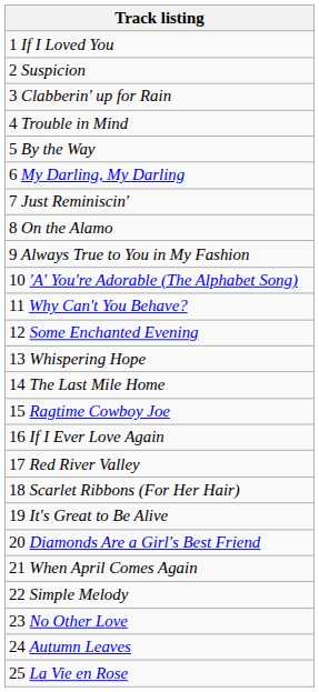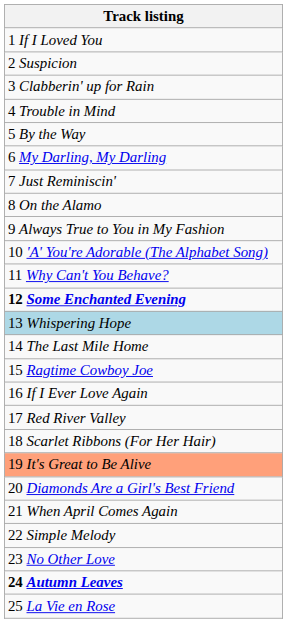 <table class="wikitable collapsible collapsed" style="width:300px;">
 <tr>
 <th>Track listing</th>
 </tr>
 <tr>
 <td>1 <em>If I Loved You</em></td>
 </tr>
 <tr>
 <td>2 <em>Suspicion</em></td>
 </tr>
 <tr>
 <td>3 <em>Clabberin' up for Rain</em></td>
 </tr>
 <tr>
 <td>4 <em>Trouble in Mind</em></td>
 </tr>
 <tr>
 <td>5 <em>By the Way</em></td>
 </tr>
 <tr>
 <td>6 <em><a href='#'>My Darling, My Darling</a></em></td>
 </tr>
 <tr>
 <td>7 <em>Just Reminiscin' </em></td>
 </tr>
 <tr>
 <td>8 <em>On the Alamo</em></td>
 </tr>
 <tr>
 <td>9 <em>Always True to You in My Fashion</em></td>
 </tr>
 <tr>
 <td>10 <em><a href='#'>'A' You're Adorable (The Alphabet Song)</a></em></td>
 </tr>
 <tr>
 <td>11 <em><a href='#'>Why Can't You Behave?</a></em></td>
 </tr>
 <tr>
-<td>12 <em><a href='#'>Some Enchanted Evening</a></em></td>
+<td><strong>12 <em><a href='#'>Some Enchanted Evening</a></em></strong></td>
 </tr>
 <tr>
-<td>13 <em>Whispering Hope</em></td>
+<td style="background: lightblue;">13 <em>Whispering Hope</em></td>
 </tr>
 <tr>
 <td>14 <em>The Last Mile Home</em></td>
 </tr>
 <tr>
 <td>15 <em><a href='#'>Ragtime Cowboy Joe</a></em></td>
 </tr>
 <tr>
 <td>16 <em>If I Ever Love Again</em></td>
 </tr>
 <tr>
 <td>17 <em>Red River Valley</em></td>
 </tr>
 <tr>
 <td>18 <em>Scarlet Ribbons (For Her Hair)</em></td>
 </tr>
 <tr>
-<td>19 <em>It's Great to Be Alive</em></td>
+<td style="background: lightsalmon;">19 <em>It's Great to Be Alive</em></td>
 </tr>
 <tr>
 <td>20 <em><a href='#'>Diamonds Are a Girl's Best Friend</a></em></td>
 </tr>
 <tr>
 <td>21 <em>When April Comes Again</em></td>
 </tr>
 <tr>
 <td>22 <em>Simple Melody</em></td>
 </tr>
 <tr>
 <td>23 <em><a href='#'>No Other Love</a></em></td>
 </tr>
 <tr>
-<td>24 <em><a href='#'>Autumn Leaves</a></em></td>
+<td><strong>24 <em><a href='#'>Autumn Leaves</a></em></strong></td>
 </tr>
 <tr>
 <td>25 <em><a href='#'>La Vie en Rose</a></em></td>
 </tr>
 </table>
